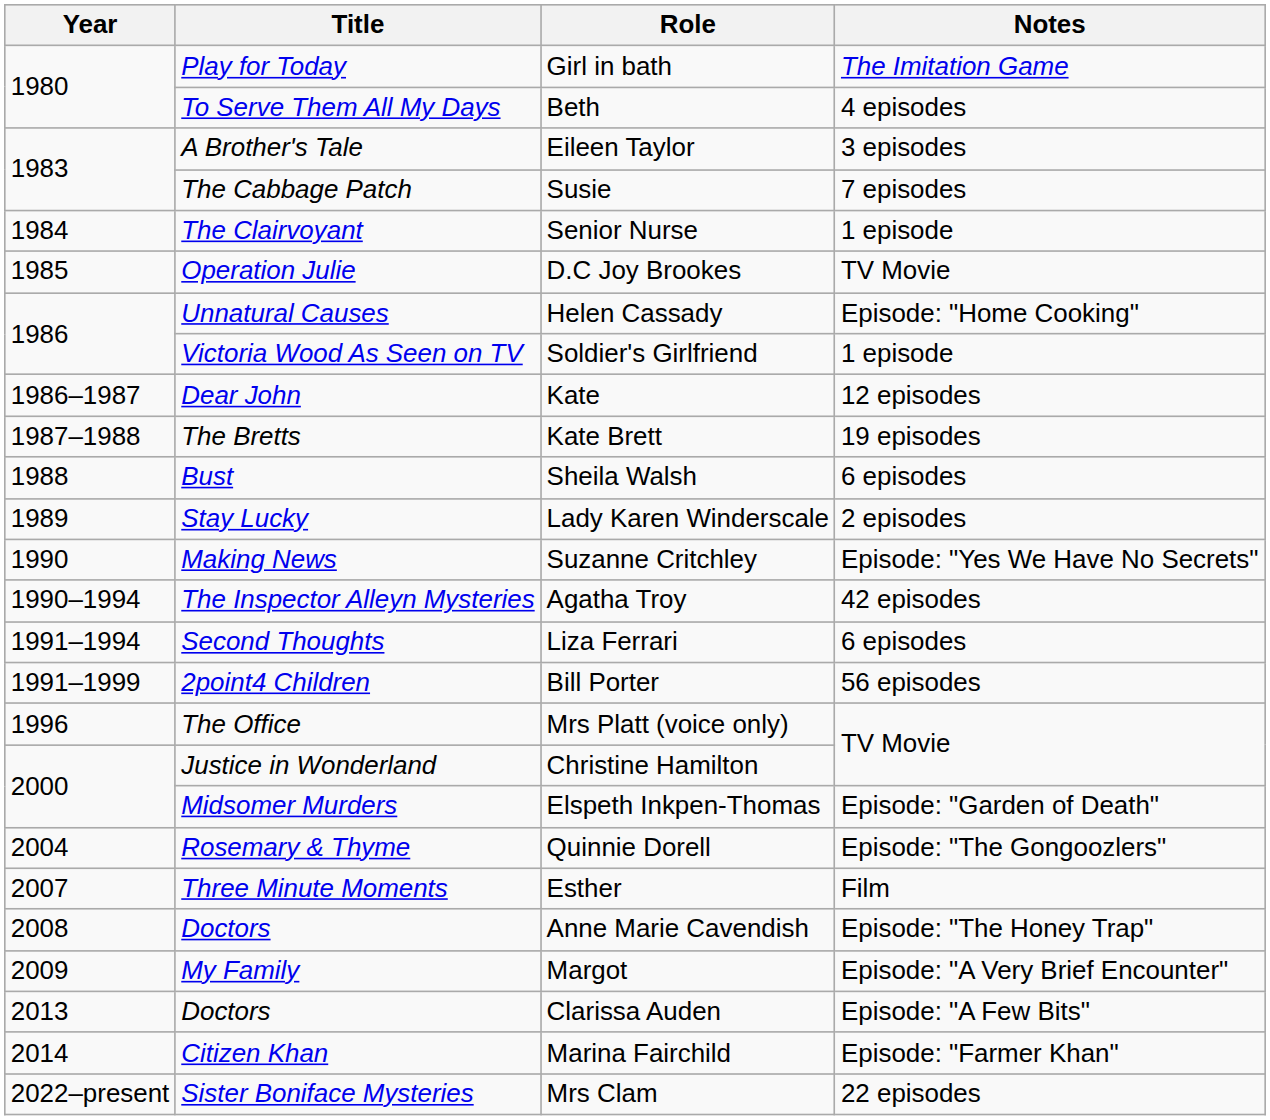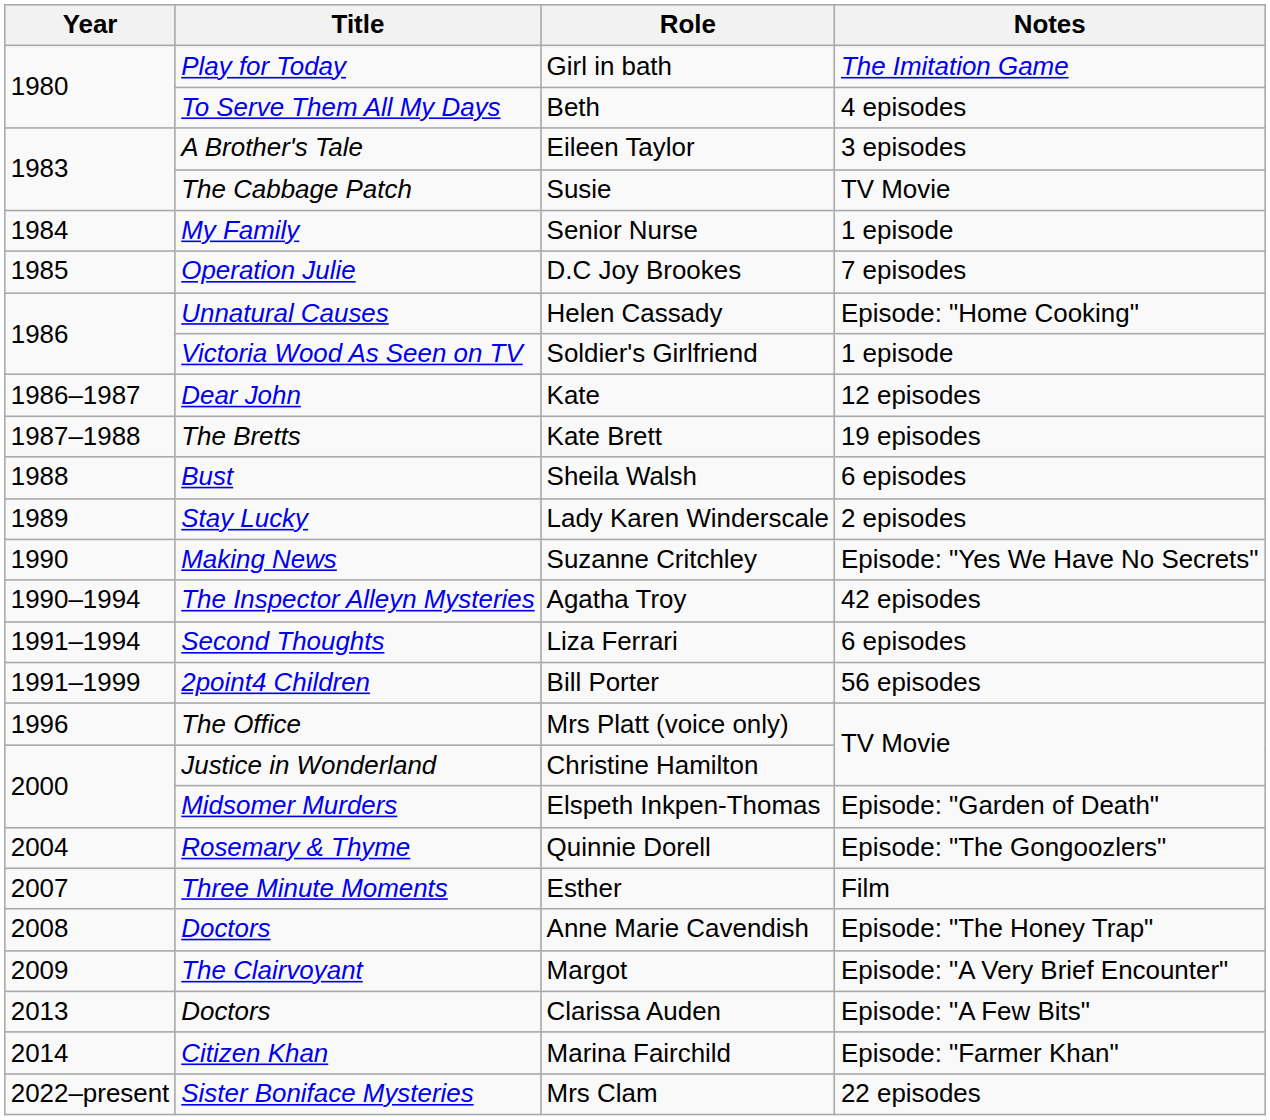 <table class="wikitable">
 <tr>
 <th>Year</th>
 <th>Title</th>
 <th>Role</th>
 <th>Notes</th>
 </tr>
 <tr>
 <td rowspan="2">1980</td>
 <td><em><a href='#'>Play for Today</a></em></td>
 <td>Girl in bath</td>
 <td><a href='#'><em>The Imitation Game</em></a></td>
 </tr>
 <tr>
 <td><em><a href='#'>To Serve Them All My Days</a></em></td>
 <td>Beth</td>
 <td>4 episodes</td>
 </tr>
 <tr>
 <td rowspan="2">1983</td>
 <td><em>A Brother's Tale</em></td>
 <td>Eileen Taylor</td>
 <td>3 episodes</td>
 </tr>
 <tr>
 <td><em>The Cabbage Patch</em></td>
 <td>Susie</td>
-<td>7 episodes</td>
+<td>TV Movie</td>
 </tr>
 <tr>
 <td>1984</td>
-<td><em><a href='#'>The Clairvoyant</a></em></td>
+<td><em><a href='#'>My Family</a></em></td>
 <td>Senior Nurse</td>
 <td>1 episode</td>
 </tr>
 <tr>
 <td>1985</td>
 <td><em><a href='#'>Operation Julie</a></em></td>
 <td>D.C Joy Brookes</td>
-<td>TV Movie</td>
+<td>7 episodes</td>
 </tr>
 <tr>
 <td rowspan="2">1986</td>
 <td><em><a href='#'>Unnatural Causes</a></em></td>
 <td>Helen Cassady</td>
 <td>Episode: "Home Cooking"</td>
 </tr>
 <tr>
 <td><em><a href='#'>Victoria Wood As Seen on TV</a></em></td>
 <td>Soldier's Girlfriend</td>
 <td>1 episode</td>
 </tr>
 <tr>
 <td>1986–1987</td>
 <td><em><a href='#'>Dear John</a></em></td>
 <td>Kate</td>
 <td>12 episodes</td>
 </tr>
 <tr>
 <td>1987–1988</td>
 <td><em>The Bretts</em></td>
 <td>Kate Brett</td>
 <td>19 episodes</td>
 </tr>
 <tr>
 <td>1988</td>
 <td><em><a href='#'>Bust</a></em></td>
 <td>Sheila Walsh</td>
 <td>6 episodes</td>
 </tr>
 <tr>
 <td>1989</td>
 <td><em><a href='#'>Stay Lucky</a></em></td>
 <td>Lady Karen Winderscale</td>
 <td>2 episodes</td>
 </tr>
 <tr>
 <td>1990</td>
 <td><em><a href='#'>Making News</a></em></td>
 <td>Suzanne Critchley</td>
 <td>Episode: "Yes We Have No Secrets"</td>
 </tr>
 <tr>
 <td>1990–1994</td>
 <td><em><a href='#'>The Inspector Alleyn Mysteries</a></em></td>
 <td>Agatha Troy</td>
 <td>42 episodes</td>
 </tr>
 <tr>
 <td>1991–1994</td>
 <td><em><a href='#'>Second Thoughts</a></em></td>
 <td>Liza Ferrari</td>
 <td>6 episodes</td>
 </tr>
 <tr>
 <td>1991–1999</td>
 <td><em><a href='#'>2point4 Children</a></em></td>
 <td>Bill Porter</td>
 <td>56 episodes</td>
 </tr>
 <tr>
 <td>1996</td>
 <td><em>The Office</em></td>
 <td>Mrs Platt (voice only)</td>
 <td rowspan="2">TV Movie</td>
 </tr>
 <tr>
 <td rowspan="2">2000</td>
 <td><em>Justice in Wonderland</em></td>
 <td>Christine Hamilton</td>
 </tr>
 <tr>
 <td><em><a href='#'>Midsomer Murders</a></em></td>
 <td>Elspeth Inkpen-Thomas</td>
 <td>Episode: "Garden of Death"</td>
 </tr>
 <tr>
 <td>2004</td>
 <td><em><a href='#'>Rosemary & Thyme</a></em></td>
 <td>Quinnie Dorell</td>
 <td>Episode: "The Gongoozlers"</td>
 </tr>
 <tr>
 <td>2007</td>
 <td><em><a href='#'>Three Minute Moments</a></em></td>
 <td>Esther</td>
 <td>Film</td>
 </tr>
 <tr>
 <td>2008</td>
 <td><em><a href='#'>Doctors</a></em></td>
 <td>Anne Marie Cavendish</td>
 <td>Episode: "The Honey Trap"</td>
 </tr>
 <tr>
 <td>2009</td>
-<td><em><a href='#'>My Family</a></em></td>
+<td><em><a href='#'>The Clairvoyant</a></em></td>
 <td>Margot</td>
 <td>Episode: "A Very Brief Encounter"</td>
 </tr>
 <tr>
 <td>2013</td>
 <td><em>Doctors</em></td>
 <td>Clarissa Auden</td>
 <td>Episode: "A Few Bits"</td>
 </tr>
 <tr>
 <td>2014</td>
 <td><em><a href='#'>Citizen Khan</a></em></td>
 <td>Marina Fairchild</td>
 <td>Episode: "Farmer Khan"</td>
 </tr>
 <tr>
 <td>2022–present</td>
 <td><em><a href='#'>Sister Boniface Mysteries</a></em></td>
 <td>Mrs Clam</td>
 <td>22 episodes</td>
 </tr>
 </table>
